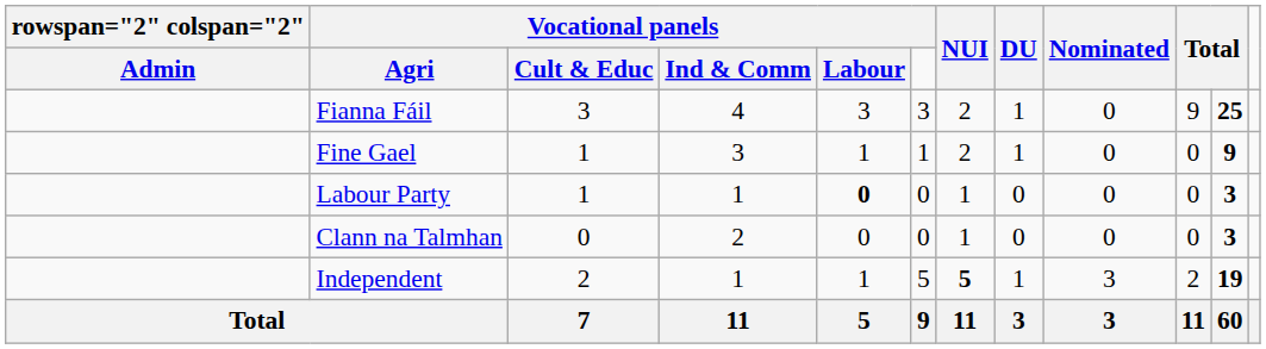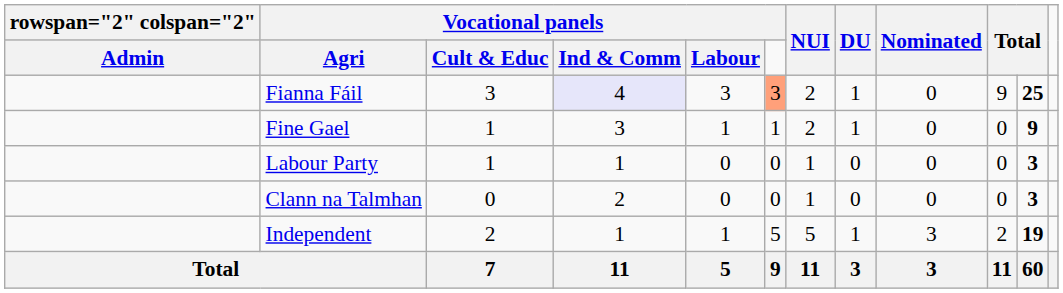 <table class="wikitable" style="font-size: 95%;">
 <tr>
 <th>rowspan="2" colspan="2" </th>
 <th scope="col" colspan="5"><a href='#'>Vocational panels</a></th>
 <th rowspan="2"><a href='#'>NUI</a></th>
 <th rowspan="2"><a href='#'>DU</a></th>
 <th rowspan="2"><a href='#'>Nominated</a></th>
 <th rowspan="2" colspan="2">Total</th>
 </tr>
 <tr>
 <th scope="col"><a href='#'>Admin</a></th>
 <th scope="col"><a href='#'>Agri</a></th>
 <th scope="col"><a href='#'>Cult & Educ</a></th>
 <th scope="col"><a href='#'>Ind & Comm</a></th>
 <th scope="col"><a href='#'>Labour</a></th>
 </tr>
 <tr style="text-align:center">
 <td style="background-color: "></td>
 <td align="left"><a href='#'>Fianna Fáil</a></td>
 <td>3</td>
-<td>4</td>
+<td style="background: lavender;">4</td>
 <td>3</td>
-<td>3</td>
+<td style="background: lightsalmon;">3</td>
 <td>2</td>
 <td>1</td>
 <td>0</td>
 <td>9</td>
 <td><strong>25</strong></td>
 <td style="background-color: "></td>
 </tr>
 <tr style="text-align:center">
 <td style="background-color: "></td>
 <td align="left"><a href='#'>Fine Gael</a></td>
 <td>1</td>
 <td>3</td>
 <td>1</td>
 <td>1</td>
 <td>2</td>
 <td>1</td>
 <td>0</td>
 <td>0</td>
 <td><strong>9</strong></td>
 <td style="background-color: "></td>
 </tr>
 <tr style="text-align:center">
 <td style="background-color: "></td>
 <td align="left"><a href='#'>Labour Party</a></td>
 <td>1</td>
 <td>1</td>
-<td><strong>0</strong></td>
+<td>0</td>
 <td>0</td>
 <td>1</td>
 <td>0</td>
 <td>0</td>
 <td>0</td>
 <td><strong>3</strong></td>
 <td style="background-color: "></td>
 </tr>
 <tr style="text-align:center">
 <td style="background-color: "></td>
 <td align="left"><a href='#'>Clann na Talmhan</a></td>
 <td>0</td>
 <td>2</td>
 <td>0</td>
 <td>0</td>
 <td>1</td>
 <td>0</td>
 <td>0</td>
 <td>0</td>
 <td><strong>3</strong></td>
 <td style="background-color: "></td>
 </tr>
 <tr style="text-align:center">
 <td style="background-color: "></td>
 <td align="left"><a href='#'>Independent</a></td>
 <td>2</td>
 <td>1</td>
 <td>1</td>
 <td>5</td>
-<td><strong>5</strong></td>
+<td>5</td>
 <td>1</td>
 <td>3</td>
 <td>2</td>
 <td><strong>19</strong></td>
 <td style="background-color: "></td>
 </tr>
 <tr style="text-align:center">
 <th colspan="2">Total</th>
 <th>7</th>
 <th>11</th>
 <th>5</th>
 <th>9</th>
 <th>11</th>
 <th>3</th>
 <th>3</th>
 <th>11</th>
 <th>60</th>
 <th></th>
 </tr>
 </table>
